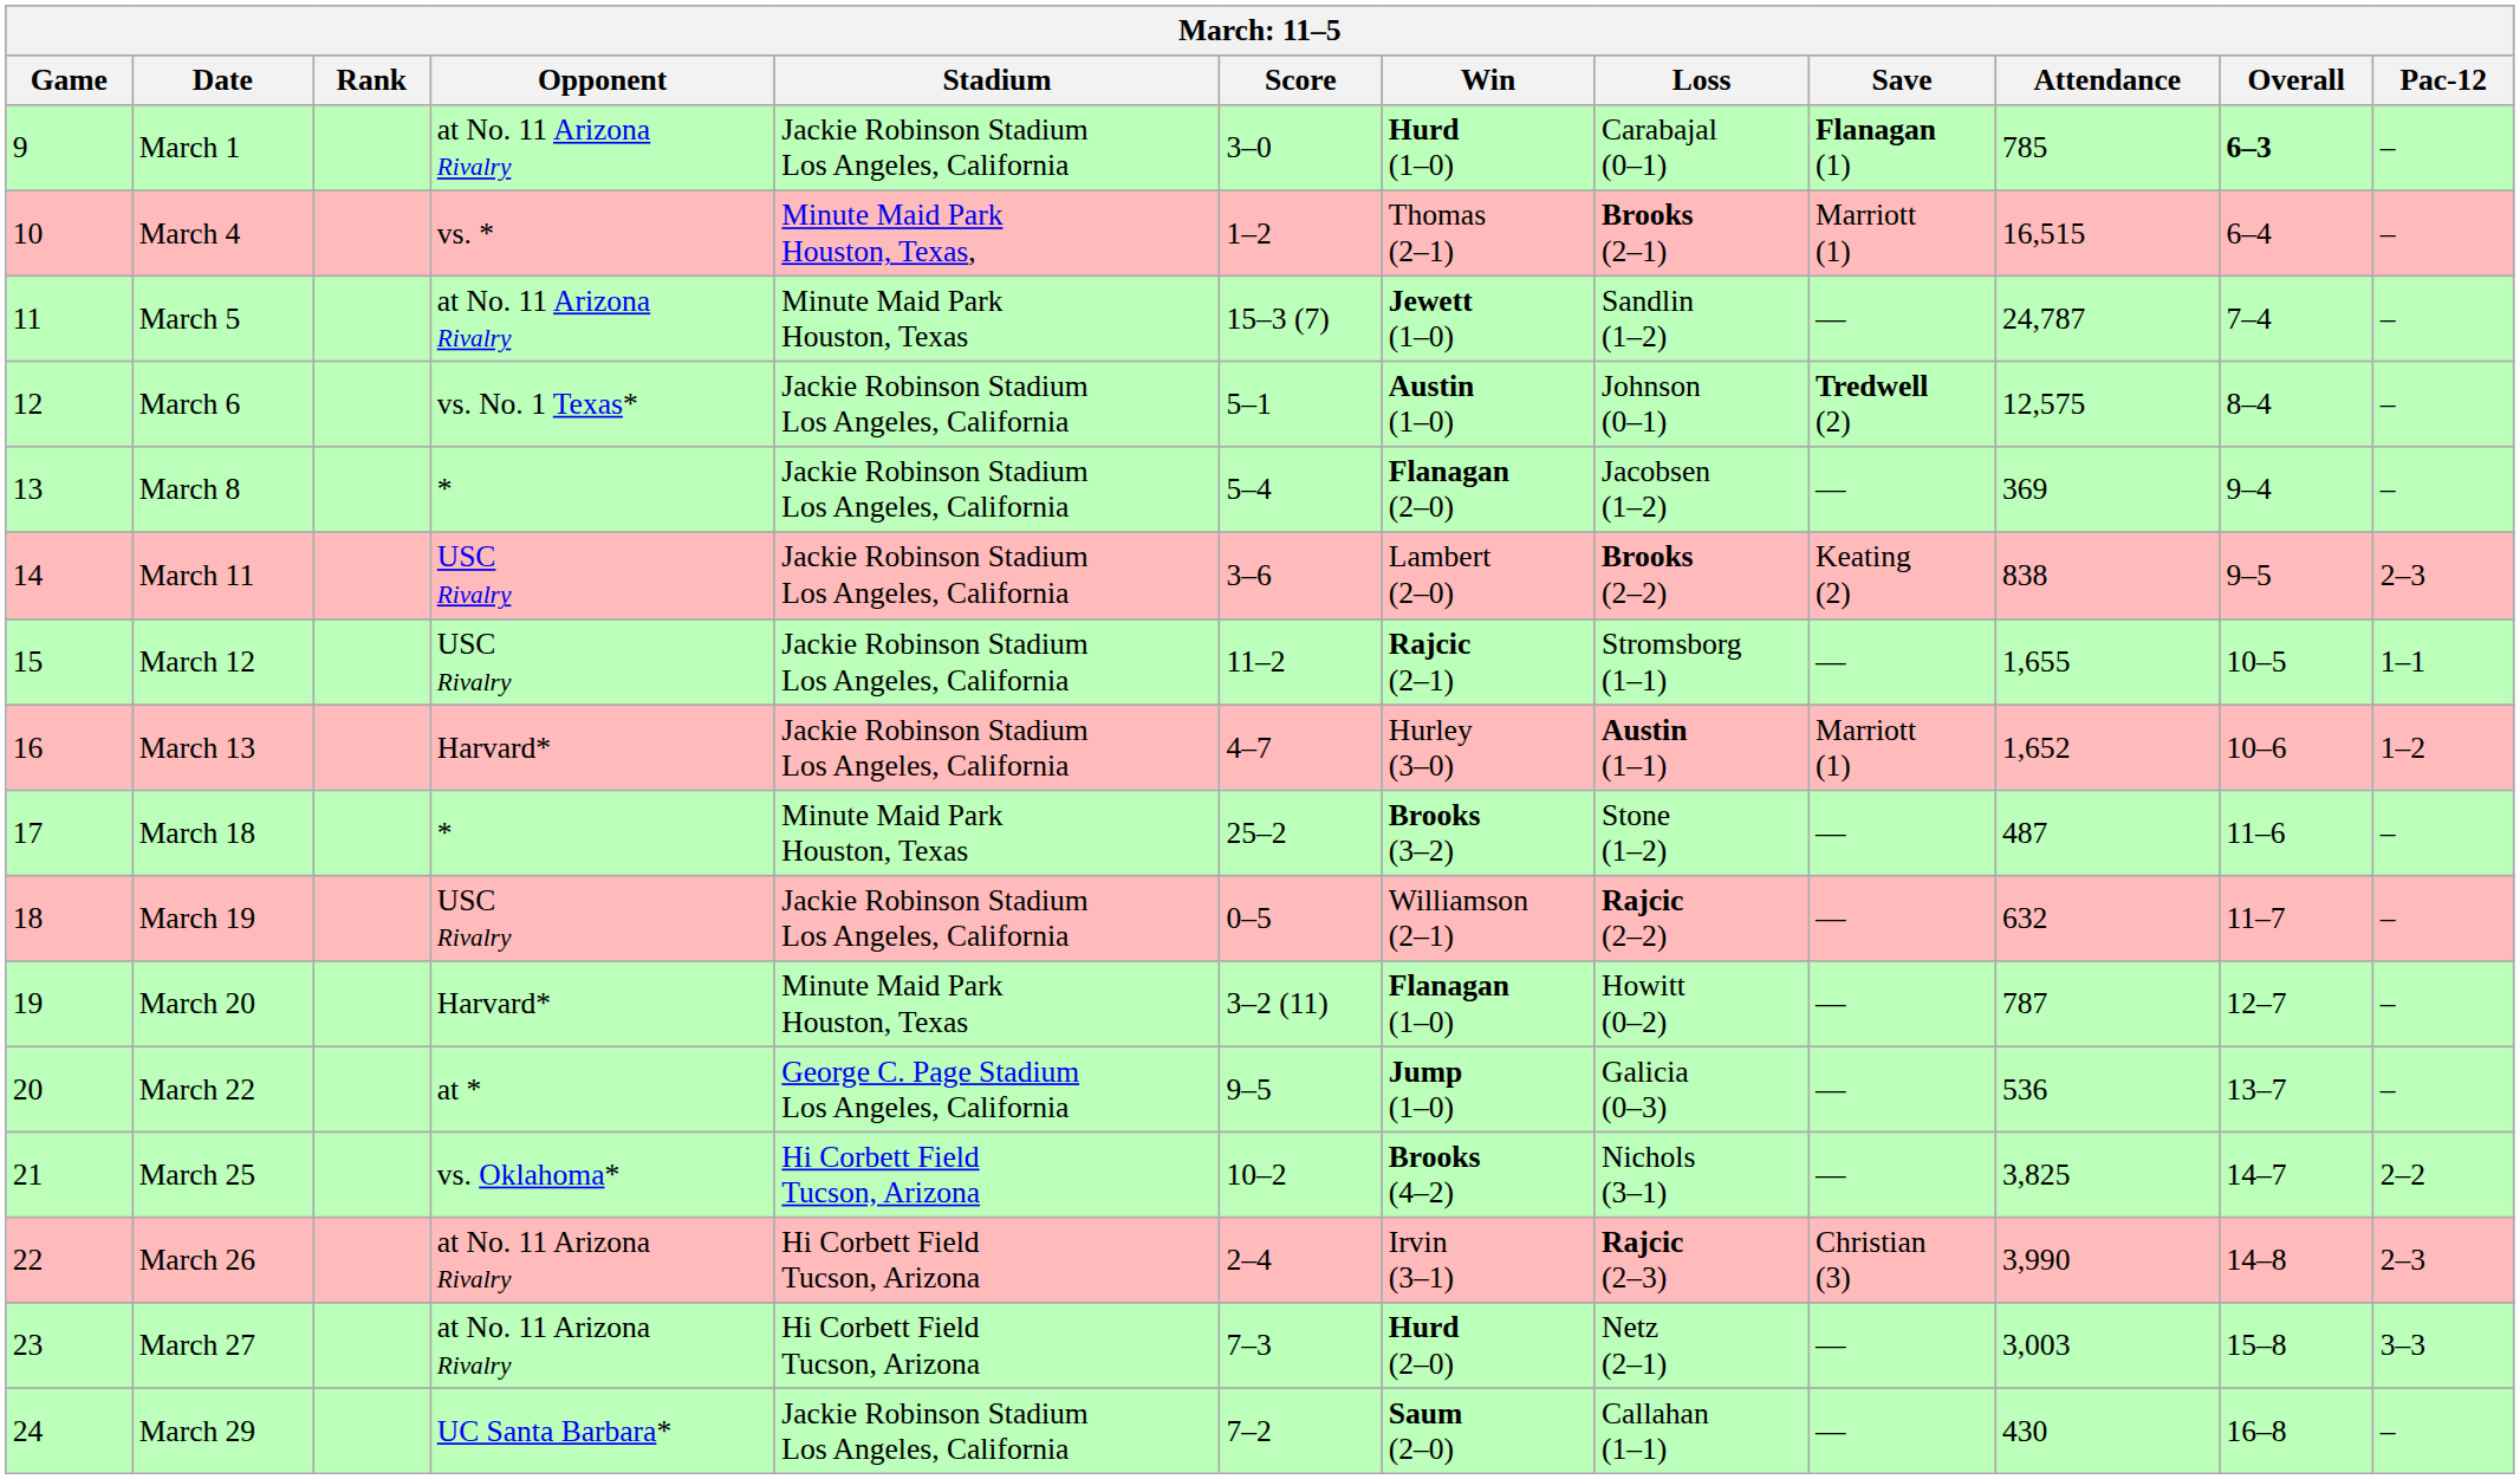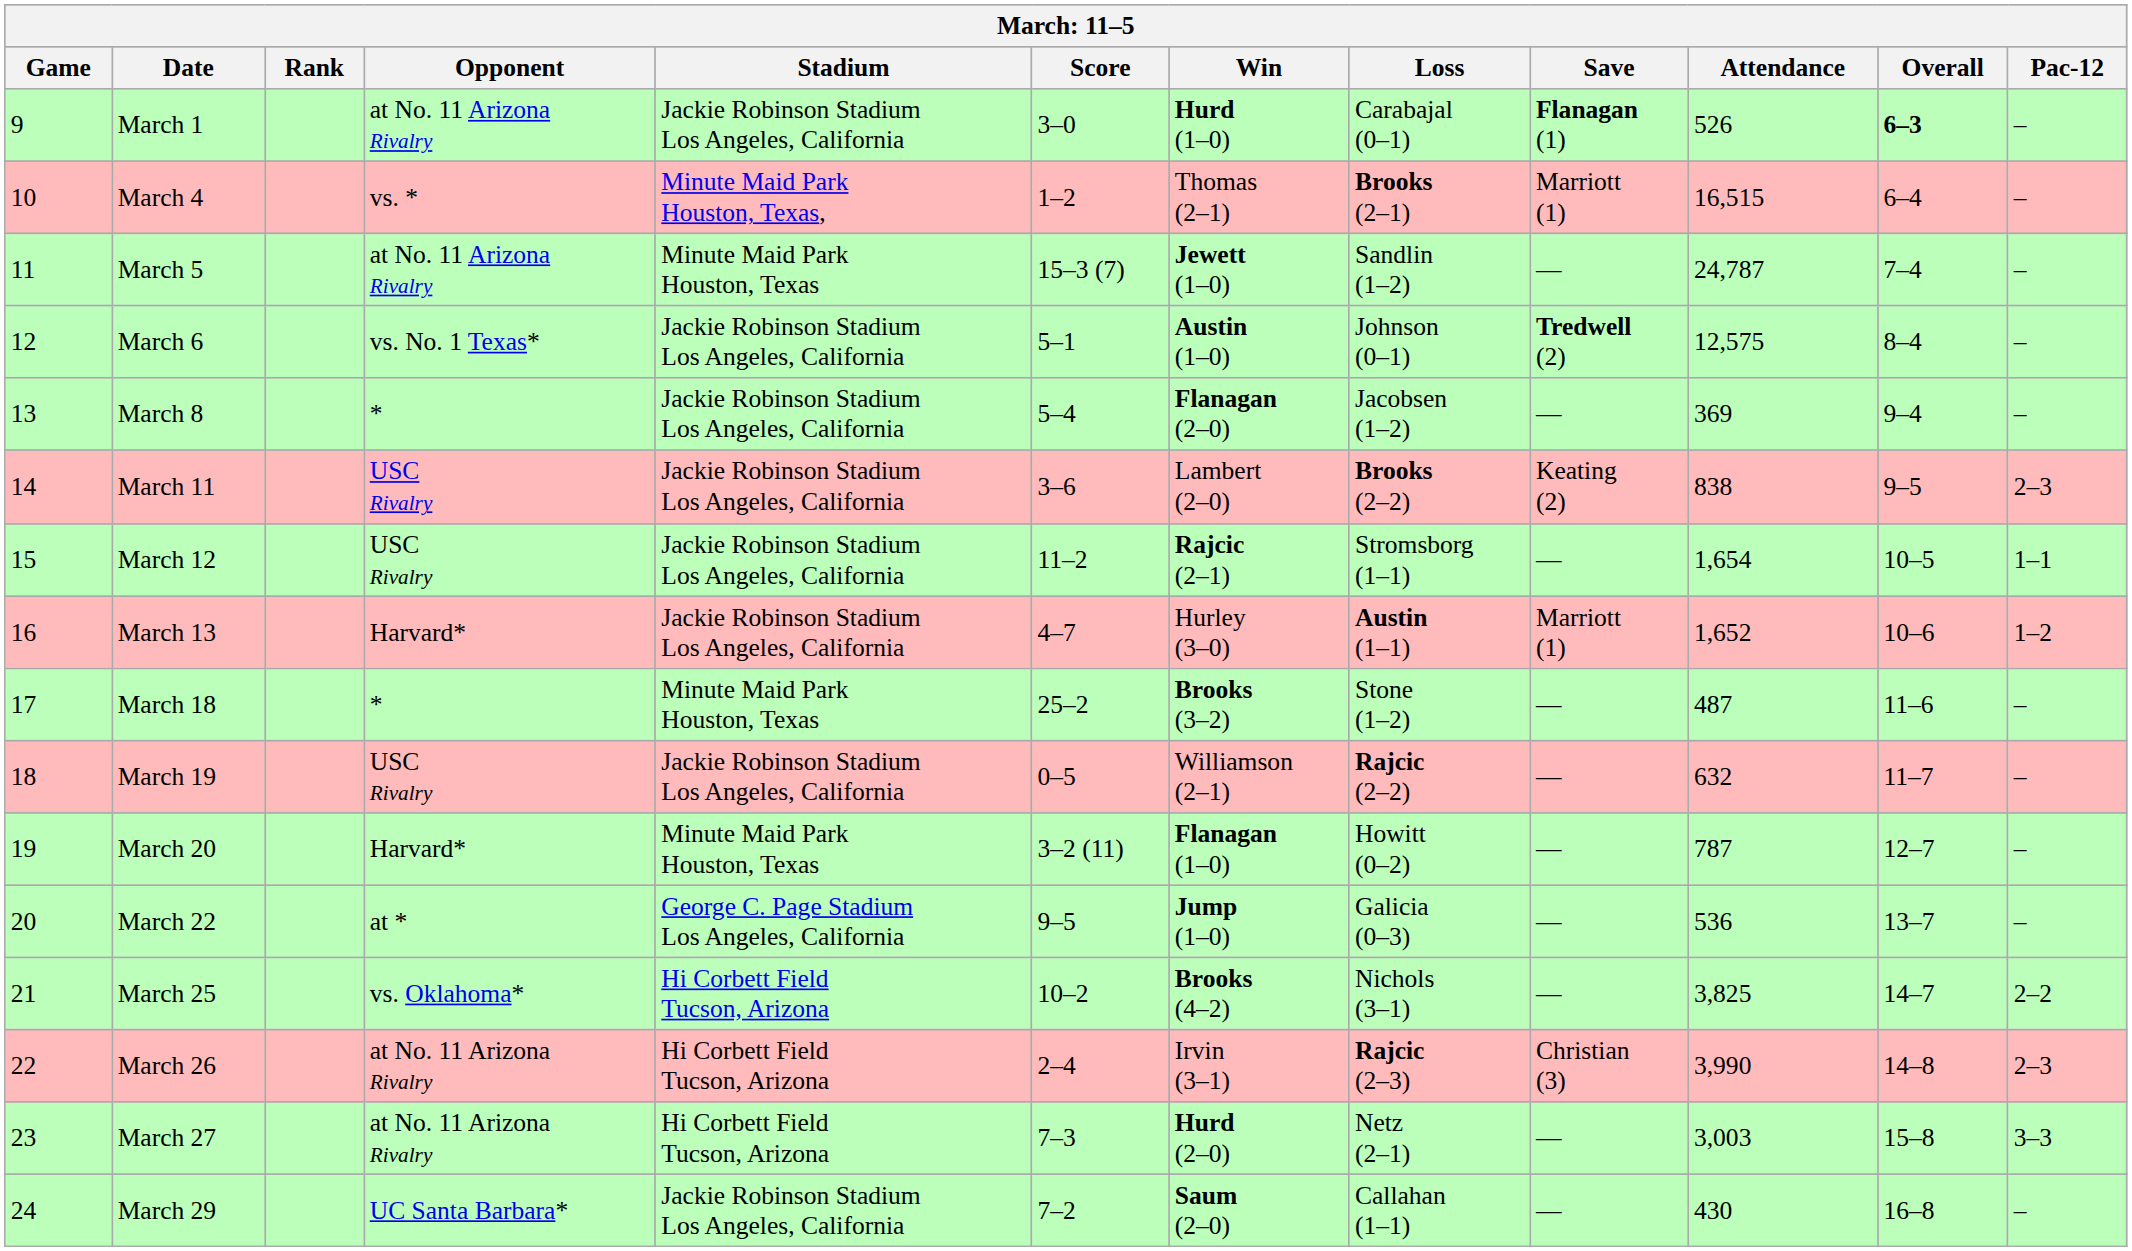 <table class="wikitable collapsible collapsed" style="margin:auto; font-size:95%; width:100%">
 <tr>
 <th colspan=12>March: 11–5</th>
 </tr>
 <tr>
 <th>Game</th>
 <th>Date</th>
 <th>Rank</th>
 <th>Opponent</th>
 <th>Stadium</th>
 <th>Score</th>
 <th>Win</th>
 <th>Loss</th>
 <th>Save</th>
 <th>Attendance</th>
 <th>Overall</th>
 <th>Pac-12</th>
 </tr>
 <tr style="background:#bfb;">
 <td>9</td>
 <td>March 1</td>
 <td></td>
 <td>at No. 11 <a href='#'>Arizona</a><br><em><small><a href='#'>Rivalry</a></small></em></td>
 <td>Jackie Robinson Stadium<br>Los Angeles, California</td>
 <td>3–0</td>
 <td><strong>Hurd</strong><br>(1–0)</td>
 <td>Carabajal<br>(0–1)</td>
 <td><strong>Flanagan</strong><br>(1)</td>
-<td>785</td>
+<td>526</td>
 <td><strong>6–3</strong></td>
 <td>–</td>
 </tr>
 <tr style="background:#fbb;">
 <td>10</td>
 <td>March 4</td>
 <td></td>
 <td>vs. *</td>
 <td><a href='#'>Minute Maid Park</a><br><a href='#'>Houston, Texas</a>,</td>
 <td>1–2</td>
 <td>Thomas<br>(2–1)</td>
 <td><strong>Brooks</strong><br>(2–1)</td>
 <td>Marriott<br>(1)</td>
 <td>16,515</td>
 <td>6–4</td>
 <td>–</td>
 </tr>
 <tr style="background:#bfb;">
 <td>11</td>
 <td>March 5</td>
 <td></td>
 <td>at No. 11 <a href='#'>Arizona</a><br><em><small><a href='#'>Rivalry</a></small></em></td>
 <td>Minute Maid Park<br>Houston, Texas</td>
 <td>15–3 (7)</td>
 <td><strong>Jewett</strong><br>(1–0)</td>
 <td>Sandlin<br>(1–2)</td>
 <td>—</td>
 <td>24,787</td>
 <td>7–4</td>
 <td>–</td>
 </tr>
 <tr style="background:#bfb;">
 <td>12</td>
 <td>March 6</td>
 <td></td>
 <td>vs. No. 1 <a href='#'>Texas</a>*</td>
 <td>Jackie Robinson Stadium<br>Los Angeles, California</td>
 <td>5–1</td>
 <td><strong>Austin</strong><br>(1–0)</td>
 <td>Johnson<br>(0–1)</td>
 <td><strong>Tredwell</strong><br>(2)</td>
 <td>12,575</td>
 <td>8–4</td>
 <td>–</td>
 </tr>
 <tr style="background:#bfb;">
 <td>13</td>
 <td>March 8</td>
 <td></td>
 <td>*</td>
 <td>Jackie Robinson Stadium<br>Los Angeles, California</td>
 <td>5–4</td>
 <td><strong>Flanagan</strong><br>(2–0)</td>
 <td>Jacobsen<br>(1–2)</td>
 <td>—</td>
 <td>369</td>
 <td>9–4</td>
 <td>–</td>
 </tr>
 <tr style="background:#fbb;">
 <td>14</td>
 <td>March 11</td>
 <td></td>
 <td><a href='#'>USC</a><br><em><small><a href='#'>Rivalry</a></small></em></td>
 <td>Jackie Robinson Stadium<br>Los Angeles, California</td>
 <td>3–6</td>
 <td>Lambert<br>(2–0)</td>
 <td><strong>Brooks</strong><br>(2–2)</td>
 <td>Keating<br>(2)</td>
 <td>838</td>
 <td>9–5</td>
 <td>2–3</td>
 </tr>
 <tr style="background:#bfb;">
 <td>15</td>
 <td>March 12</td>
 <td></td>
 <td>USC<br><em><small>Rivalry</small></em></td>
 <td>Jackie Robinson Stadium<br>Los Angeles, California</td>
 <td>11–2</td>
 <td><strong>Rajcic</strong><br>(2–1)</td>
 <td>Stromsborg<br>(1–1)</td>
 <td>—</td>
-<td>1,655</td>
+<td>1,654</td>
 <td>10–5</td>
 <td>1–1</td>
 </tr>
 <tr style="background:#fbb;">
 <td>16</td>
 <td>March 13</td>
 <td></td>
 <td>Harvard*</td>
 <td>Jackie Robinson Stadium<br>Los Angeles, California</td>
 <td>4–7</td>
 <td>Hurley<br>(3–0)</td>
 <td><strong>Austin</strong><br>(1–1)</td>
 <td>Marriott<br>(1)</td>
 <td>1,652</td>
 <td>10–6</td>
 <td>1–2</td>
 </tr>
 <tr style="background:#bfb;">
 <td>17</td>
 <td>March 18</td>
 <td></td>
 <td>*</td>
 <td>Minute Maid Park<br>Houston, Texas</td>
 <td>25–2</td>
 <td><strong>Brooks</strong><br>(3–2)</td>
 <td>Stone<br>(1–2)</td>
 <td>—</td>
 <td>487</td>
 <td>11–6</td>
 <td>–</td>
 </tr>
 <tr style="background:#fbb;">
 <td>18</td>
 <td>March 19</td>
 <td></td>
 <td>USC<br><em><small>Rivalry</small></em></td>
 <td>Jackie Robinson Stadium<br>Los Angeles, California</td>
 <td>0–5</td>
 <td>Williamson<br>(2–1)</td>
 <td><strong>Rajcic</strong><br>(2–2)</td>
 <td>—</td>
 <td>632</td>
 <td>11–7</td>
 <td>–</td>
 </tr>
 <tr style="background:#bfb;">
 <td>19</td>
 <td>March 20</td>
 <td></td>
 <td>Harvard*</td>
 <td>Minute Maid Park<br>Houston, Texas</td>
 <td>3–2 (11)</td>
 <td><strong>Flanagan</strong><br>(1–0)</td>
 <td>Howitt<br>(0–2)</td>
 <td>—</td>
 <td>787</td>
 <td>12–7</td>
 <td>–</td>
 </tr>
 <tr style="background:#bfb;">
 <td>20</td>
 <td>March 22</td>
 <td></td>
 <td>at *</td>
 <td><a href='#'>George C. Page Stadium</a><br>Los Angeles, California</td>
 <td>9–5</td>
 <td><strong>Jump</strong><br>(1–0)</td>
 <td>Galicia<br>(0–3)</td>
 <td>—</td>
 <td>536</td>
 <td>13–7</td>
 <td>–</td>
 </tr>
 <tr style="background:#bfb;">
 <td>21</td>
 <td>March 25</td>
 <td></td>
 <td>vs. <a href='#'>Oklahoma</a>*</td>
 <td><a href='#'>Hi Corbett Field</a><br><a href='#'>Tucson, Arizona</a></td>
 <td>10–2</td>
 <td><strong>Brooks</strong><br>(4–2)</td>
 <td>Nichols<br>(3–1)</td>
 <td>—</td>
 <td>3,825</td>
 <td>14–7</td>
 <td>2–2</td>
 </tr>
 <tr style="background:#fbb;">
 <td>22</td>
 <td>March 26</td>
 <td></td>
 <td>at No. 11 Arizona<br><em><small>Rivalry</small></em></td>
 <td>Hi Corbett Field<br>Tucson, Arizona</td>
 <td>2–4</td>
 <td>Irvin<br>(3–1)</td>
 <td><strong>Rajcic</strong><br>(2–3)</td>
 <td>Christian<br>(3)</td>
 <td>3,990</td>
 <td>14–8</td>
 <td>2–3</td>
 </tr>
 <tr style="background:#bfb;">
 <td>23</td>
 <td>March 27</td>
 <td></td>
 <td>at No. 11 Arizona<br><em><small>Rivalry</small></em></td>
 <td>Hi Corbett Field<br>Tucson, Arizona</td>
 <td>7–3</td>
 <td><strong>Hurd</strong><br>(2–0)</td>
 <td>Netz<br>(2–1)</td>
 <td>—</td>
 <td>3,003</td>
 <td>15–8</td>
 <td>3–3</td>
 </tr>
 <tr style="background:#bfb;">
 <td>24</td>
 <td>March 29</td>
 <td></td>
 <td><a href='#'>UC Santa Barbara</a>*</td>
 <td>Jackie Robinson Stadium<br>Los Angeles, California</td>
 <td>7–2</td>
 <td><strong>Saum</strong><br>(2–0)</td>
 <td>Callahan<br>(1–1)</td>
 <td>—</td>
 <td>430</td>
 <td>16–8</td>
 <td>–</td>
 </tr>
 </table>
